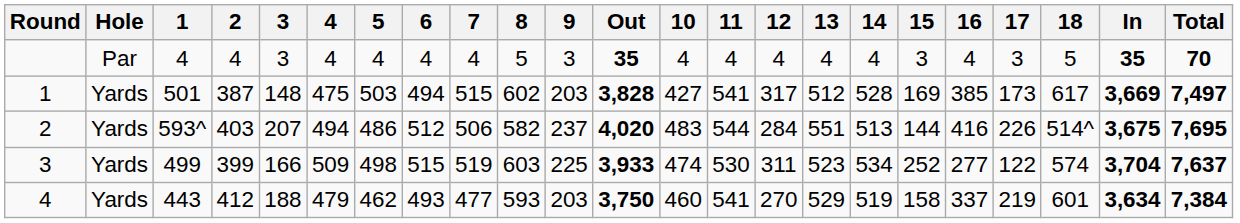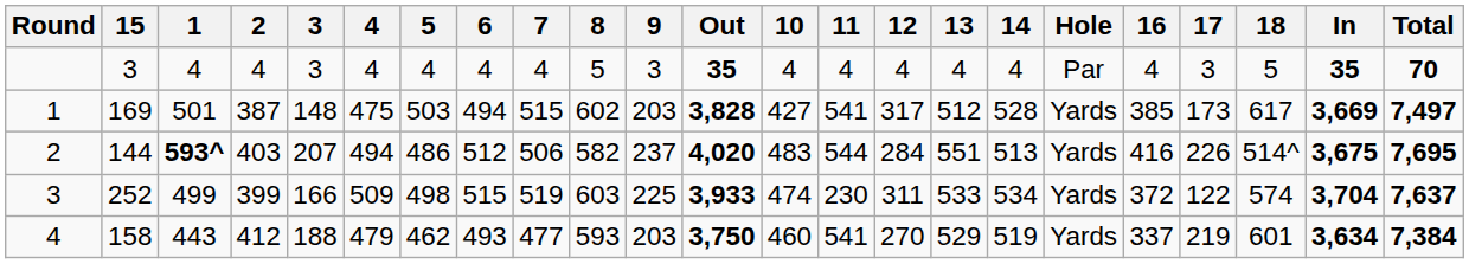 <table class="wikitable" style="text-align:center">
 <tr>
 <th>Round</th>
-<th align="left">Hole</th>
+<th>15</th>
 <th>1</th>
 <th>2</th>
 <th>3</th>
 <th>4</th>
 <th>5</th>
 <th>6</th>
 <th>7</th>
 <th>8</th>
 <th>9</th>
 <th>Out</th>
 <th>10</th>
 <th>11</th>
 <th>12</th>
 <th>13</th>
 <th>14</th>
-<th>15</th>
+<th align="left">Hole</th>
 <th>16</th>
 <th>17</th>
 <th>18</th>
 <th>In</th>
 <th>Total</th>
 </tr>
 <tr>
 <td></td>
-<td>Par</td>
+<td>3</td>
 <td>4</td>
 <td>4</td>
 <td>3</td>
 <td>4</td>
 <td>4</td>
 <td>4</td>
 <td>4</td>
 <td>5</td>
 <td>3</td>
 <td><strong>35</strong></td>
 <td>4</td>
 <td>4</td>
 <td>4</td>
 <td>4</td>
 <td>4</td>
-<td>3</td>
+<td>Par</td>
 <td>4</td>
 <td>3</td>
 <td>5</td>
 <td><strong>35</strong></td>
 <td><strong>70</strong></td>
 </tr>
 <tr>
 <td>1</td>
-<td align="left">Yards</td>
+<td>169</td>
 <td>501</td>
 <td>387</td>
 <td>148</td>
 <td>475</td>
 <td>503</td>
 <td>494</td>
 <td>515</td>
 <td>602</td>
 <td>203</td>
 <td><strong>3,828</strong></td>
 <td>427</td>
 <td>541</td>
 <td>317</td>
 <td>512</td>
 <td>528</td>
-<td>169</td>
+<td align="left">Yards</td>
 <td>385</td>
 <td>173</td>
 <td>617</td>
 <td><strong>3,669</strong></td>
 <td><strong>7,497</strong></td>
 </tr>
 <tr>
 <td>2</td>
-<td align="left">Yards</td>
-<td>593^</td>
+<td>144</td>
+<td><strong>593^</strong></td>
 <td>403</td>
 <td>207</td>
 <td>494</td>
 <td>486</td>
 <td>512</td>
 <td>506</td>
 <td>582</td>
 <td>237</td>
 <td><strong>4,020</strong></td>
 <td>483</td>
 <td>544</td>
 <td>284</td>
 <td>551</td>
 <td>513</td>
-<td>144</td>
+<td align="left">Yards</td>
 <td>416</td>
 <td>226</td>
 <td>514^</td>
 <td><strong>3,675</strong></td>
 <td><strong>7,695</strong></td>
 </tr>
 <tr>
 <td>3</td>
-<td align="left">Yards</td>
+<td>252</td>
 <td>499</td>
 <td>399</td>
 <td>166</td>
 <td>509</td>
 <td>498</td>
 <td>515</td>
 <td>519</td>
 <td>603</td>
 <td>225</td>
 <td><strong>3,933</strong></td>
 <td>474</td>
-<td>530</td>
+<td>230</td>
 <td>311</td>
-<td>523</td>
+<td>533</td>
 <td>534</td>
-<td>252</td>
-<td>277</td>
+<td align="left">Yards</td>
+<td>372</td>
 <td>122</td>
 <td>574</td>
 <td><strong>3,704</strong></td>
 <td><strong>7,637</strong></td>
 </tr>
 <tr>
 <td>4</td>
-<td align="left">Yards</td>
+<td>158</td>
 <td>443</td>
 <td>412</td>
 <td>188</td>
 <td>479</td>
 <td>462</td>
 <td>493</td>
 <td>477</td>
 <td>593</td>
 <td>203</td>
 <td><strong>3,750</strong></td>
 <td>460</td>
 <td>541</td>
 <td>270</td>
 <td>529</td>
 <td>519</td>
-<td>158</td>
+<td align="left">Yards</td>
 <td>337</td>
 <td>219</td>
 <td>601</td>
 <td><strong>3,634</strong></td>
 <td><strong>7,384</strong></td>
 </tr>
 </table>
